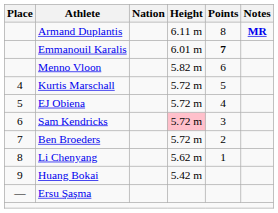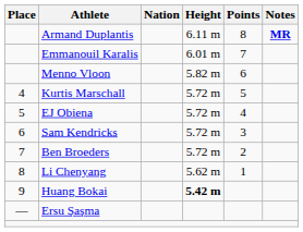 <table class="wikitable mw-datatable sortable" style="text-align:center;">
 <tr>
 <th scope="col">Place</th>
 <th scope="col">Athlete</th>
 <th scope="col">Nation</th>
 <th scope="col">Height</th>
 <th scope="col">Points</th>
 <th scope="col">Notes</th>
 </tr>
 <tr>
 <td></td>
 <td align="left"><a href='#'>Armand Duplantis</a></td>
 <td align="left"></td>
 <td>6.11 m</td>
 <td>8</td>
 <td><strong><a href='#'>MR</a></strong></td>
 </tr>
 <tr>
 <td></td>
 <td align="left"><a href='#'>Emmanouil Karalis</a></td>
 <td align="left"></td>
 <td>6.01 m</td>
-<td><strong>7</strong></td>
+<td>7</td>
 <td></td>
 </tr>
 <tr>
 <td></td>
 <td align="left"><a href='#'>Menno Vloon</a></td>
 <td align="left"></td>
 <td>5.82 m</td>
 <td>6</td>
 <td></td>
 </tr>
 <tr>
 <td>4</td>
 <td align="left"><a href='#'>Kurtis Marschall</a></td>
 <td align="left"></td>
 <td>5.72 m</td>
 <td>5</td>
 <td></td>
 </tr>
 <tr>
 <td>5</td>
 <td align="left"><a href='#'>EJ Obiena</a></td>
 <td align="left"></td>
 <td>5.72 m</td>
 <td>4</td>
 <td></td>
 </tr>
 <tr>
 <td>6</td>
 <td align="left"><a href='#'>Sam Kendricks</a></td>
 <td align="left"></td>
-<td style="background: pink;">5.72 m</td>
+<td>5.72 m</td>
 <td>3</td>
 <td></td>
 </tr>
 <tr>
 <td>7</td>
 <td align="left"><a href='#'>Ben Broeders</a></td>
 <td align="left"></td>
 <td>5.72 m</td>
 <td>2</td>
 <td></td>
 </tr>
 <tr>
 <td>8</td>
 <td align="left"><a href='#'>Li Chenyang</a></td>
 <td align="left"></td>
 <td>5.62 m</td>
 <td>1</td>
 <td></td>
 </tr>
 <tr>
 <td>9</td>
 <td align="left"><a href='#'>Huang Bokai</a></td>
 <td align="left"></td>
-<td>5.42 m</td>
+<td><strong>5.42 m</strong></td>
 <td></td>
 <td></td>
 </tr>
 <tr>
 <td>—</td>
 <td align="left"><a href='#'>Ersu Şaşma</a></td>
 <td align="left"></td>
 <td></td>
 <td></td>
 <td></td>
 </tr>
 <tr class="sortbottom">
 <td colspan="6"></td>
 </tr>
 </table>
